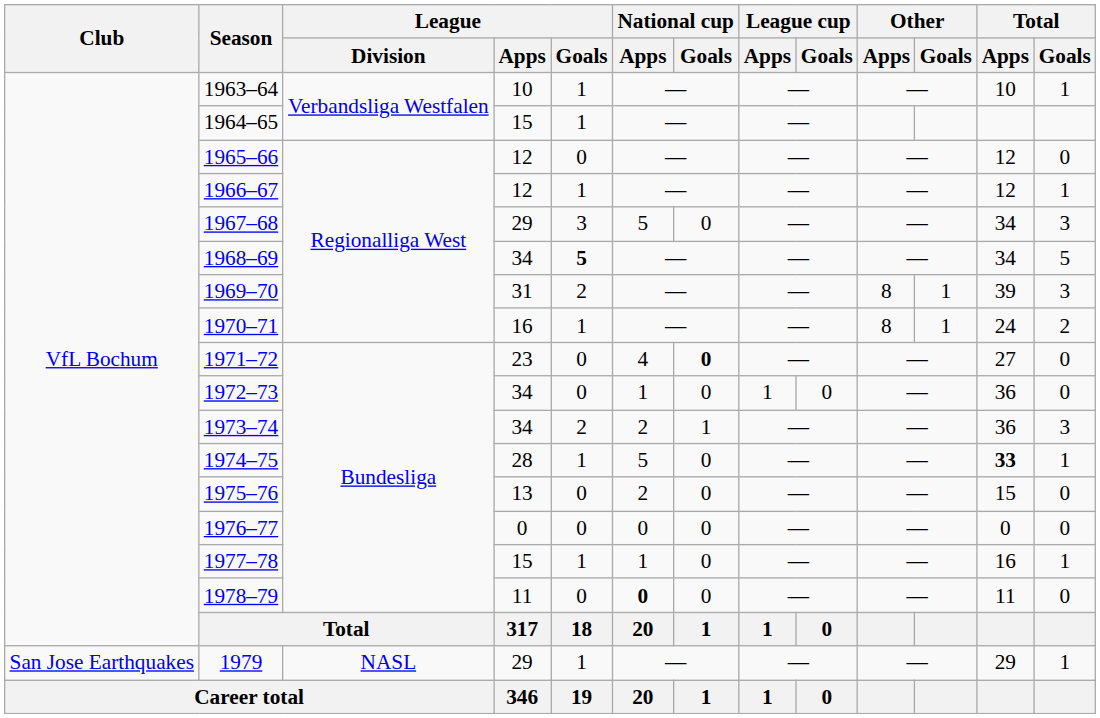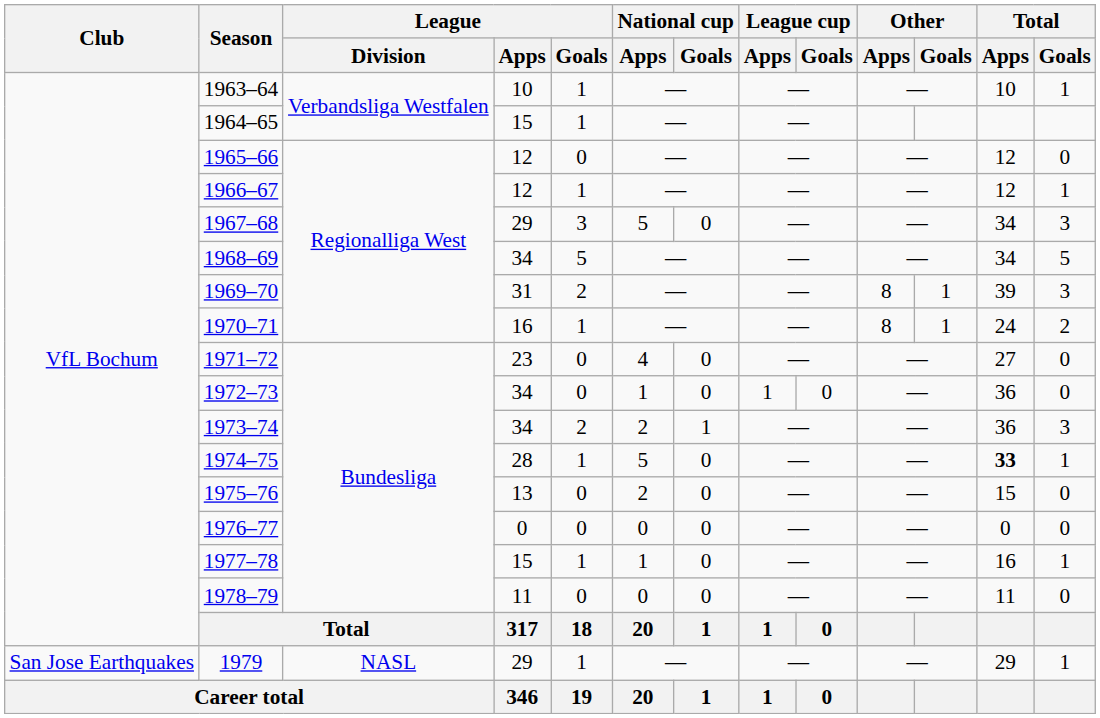 <table class="wikitable" style="text-align:center">
 <tr>
 <th rowspan="2">Club</th>
 <th rowspan="2">Season</th>
 <th colspan="3">League</th>
 <th colspan="2">National cup</th>
 <th colspan="2">League cup</th>
 <th colspan="2">Other</th>
 <th colspan="2">Total</th>
 </tr>
 <tr>
 <th>Division</th>
 <th>Apps</th>
 <th>Goals</th>
 <th>Apps</th>
 <th>Goals</th>
 <th>Apps</th>
 <th>Goals</th>
 <th>Apps</th>
 <th>Goals</th>
 <th>Apps</th>
 <th>Goals</th>
 </tr>
 <tr>
 <td rowspan="17"><a href='#'>VfL Bochum</a></td>
 <td>1963–64</td>
 <td rowspan="2"><a href='#'>Verbandsliga Westfalen</a></td>
 <td>10</td>
 <td>1</td>
 <td colspan="2">—</td>
 <td colspan="2">—</td>
 <td colspan="2">—</td>
 <td>10</td>
 <td>1</td>
 </tr>
 <tr>
 <td>1964–65</td>
 <td>15</td>
 <td>1</td>
 <td colspan="2">—</td>
 <td colspan="2">—</td>
 <td></td>
 <td></td>
 <td></td>
 <td></td>
 </tr>
 <tr>
 <td><a href='#'>1965–66</a></td>
 <td rowspan="6"><a href='#'>Regionalliga West</a></td>
 <td>12</td>
 <td>0</td>
 <td colspan="2">—</td>
 <td colspan="2">—</td>
 <td colspan="2">—</td>
 <td>12</td>
 <td>0</td>
 </tr>
 <tr>
 <td><a href='#'>1966–67</a></td>
 <td>12</td>
 <td>1</td>
 <td colspan="2">—</td>
 <td colspan="2">—</td>
 <td colspan="2">—</td>
 <td>12</td>
 <td>1</td>
 </tr>
 <tr>
 <td><a href='#'>1967–68</a></td>
 <td>29</td>
 <td>3</td>
 <td>5</td>
 <td>0</td>
 <td colspan="2">—</td>
 <td colspan="2">—</td>
 <td>34</td>
 <td>3</td>
 </tr>
 <tr>
 <td><a href='#'>1968–69</a></td>
 <td>34</td>
-<td><strong>5</strong></td>
+<td>5</td>
 <td colspan="2">—</td>
 <td colspan="2">—</td>
 <td colspan="2">—</td>
 <td>34</td>
 <td>5</td>
 </tr>
 <tr>
 <td><a href='#'>1969–70</a></td>
 <td>31</td>
 <td>2</td>
 <td colspan="2">—</td>
 <td colspan="2">—</td>
 <td>8</td>
 <td>1</td>
 <td>39</td>
 <td>3</td>
 </tr>
 <tr>
 <td><a href='#'>1970–71</a></td>
 <td>16</td>
 <td>1</td>
 <td colspan="2">—</td>
 <td colspan="2">—</td>
 <td>8</td>
 <td>1</td>
 <td>24</td>
 <td>2</td>
 </tr>
 <tr>
 <td><a href='#'>1971–72</a></td>
 <td rowspan="8"><a href='#'>Bundesliga</a></td>
 <td>23</td>
 <td>0</td>
 <td>4</td>
-<td><strong>0</strong></td>
+<td>0</td>
 <td colspan="2">—</td>
 <td colspan="2">—</td>
 <td>27</td>
 <td>0</td>
 </tr>
 <tr>
 <td><a href='#'>1972–73</a></td>
 <td>34</td>
 <td>0</td>
 <td>1</td>
 <td>0</td>
 <td>1</td>
 <td>0</td>
 <td colspan="2">—</td>
 <td>36</td>
 <td>0</td>
 </tr>
 <tr>
 <td><a href='#'>1973–74</a></td>
 <td>34</td>
 <td>2</td>
 <td>2</td>
 <td>1</td>
 <td colspan="2">—</td>
 <td colspan="2">—</td>
 <td>36</td>
 <td>3</td>
 </tr>
 <tr>
 <td><a href='#'>1974–75</a></td>
 <td>28</td>
 <td>1</td>
 <td>5</td>
 <td>0</td>
 <td colspan="2">—</td>
 <td colspan="2">—</td>
 <td><strong>33</strong></td>
 <td>1</td>
 </tr>
 <tr>
 <td><a href='#'>1975–76</a></td>
 <td>13</td>
 <td>0</td>
 <td>2</td>
 <td>0</td>
 <td colspan="2">—</td>
 <td colspan="2">—</td>
 <td>15</td>
 <td>0</td>
 </tr>
 <tr>
 <td><a href='#'>1976–77</a></td>
 <td>0</td>
 <td>0</td>
 <td>0</td>
 <td>0</td>
 <td colspan="2">—</td>
 <td colspan="2">—</td>
 <td>0</td>
 <td>0</td>
 </tr>
 <tr>
 <td><a href='#'>1977–78</a></td>
 <td>15</td>
 <td>1</td>
 <td>1</td>
 <td>0</td>
 <td colspan="2">—</td>
 <td colspan="2">—</td>
 <td>16</td>
 <td>1</td>
 </tr>
 <tr>
 <td><a href='#'>1978–79</a></td>
 <td>11</td>
 <td>0</td>
-<td><strong>0</strong></td>
+<td>0</td>
 <td>0</td>
 <td colspan="2">—</td>
 <td colspan="2">—</td>
 <td>11</td>
 <td>0</td>
 </tr>
 <tr>
 <th colspan="2">Total</th>
 <th>317</th>
 <th>18</th>
 <th>20</th>
 <th>1</th>
 <th>1</th>
 <th>0</th>
 <th></th>
 <th></th>
 <th></th>
 <th></th>
 </tr>
 <tr>
 <td><a href='#'>San Jose Earthquakes</a></td>
 <td><a href='#'>1979</a></td>
 <td><a href='#'>NASL</a></td>
 <td>29</td>
 <td>1</td>
 <td colspan="2">—</td>
 <td colspan="2">—</td>
 <td colspan="2">—</td>
 <td>29</td>
 <td>1</td>
 </tr>
 <tr>
 <th colspan="3">Career total</th>
 <th>346</th>
 <th>19</th>
 <th>20</th>
 <th>1</th>
 <th>1</th>
 <th>0</th>
 <th></th>
 <th></th>
 <th></th>
 <th></th>
 </tr>
 </table>
